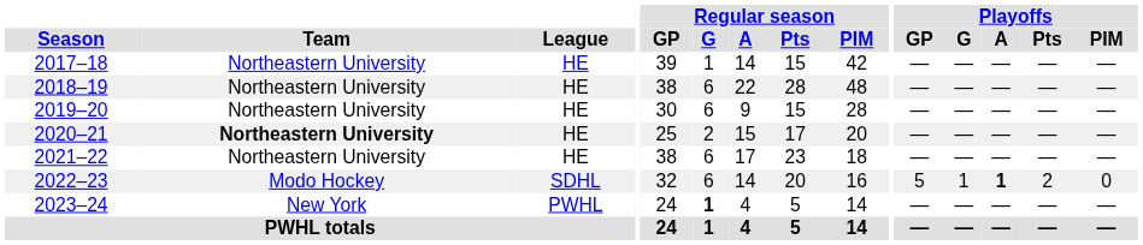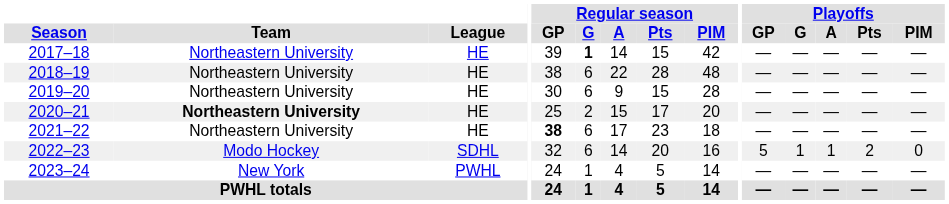 <table border="0" cellpadding="1" cellspacing="0" style="text-align:center; width:60em">
 <tr bgcolor="#e0e0e0">
 <th colspan="3" bgcolor="#ffffff"></th>
 <th rowspan="97" bgcolor="#ffffff"></th>
 <th colspan="5"><a href='#'>Regular season</a></th>
 <th rowspan="97" bgcolor="#ffffff"></th>
 <th colspan="5"><a href='#'>Playoffs</a></th>
 </tr>
 <tr bgcolor="#e0e0e0">
 <th><a href='#'>Season</a></th>
 <th>Team</th>
 <th>League</th>
 <th>GP</th>
 <th><a href='#'>G</a></th>
 <th><a href='#'>A</a></th>
 <th><a href='#'>Pts</a></th>
 <th><a href='#'>PIM</a></th>
 <th>GP</th>
 <th>G</th>
 <th>A</th>
 <th>Pts</th>
 <th>PIM</th>
 </tr>
 <tr>
 <td><a href='#'>2017–18</a></td>
 <td><a href='#'>Northeastern University</a></td>
 <td><a href='#'>HE</a></td>
 <td>39</td>
-<td>1</td>
+<td><strong>1</strong></td>
 <td>14</td>
 <td>15</td>
 <td>42</td>
 <td>—</td>
 <td>—</td>
 <td>—</td>
 <td>—</td>
 <td>—</td>
 </tr>
 <tr bgcolor="f0f0f0">
 <td><a href='#'>2018–19</a></td>
 <td>Northeastern University</td>
 <td>HE</td>
 <td>38</td>
 <td>6</td>
 <td>22</td>
 <td>28</td>
 <td>48</td>
 <td>—</td>
 <td>—</td>
 <td>—</td>
 <td>—</td>
 <td>—</td>
 </tr>
 <tr>
 <td><a href='#'>2019–20</a></td>
 <td>Northeastern University</td>
 <td>HE</td>
 <td>30</td>
 <td>6</td>
 <td>9</td>
 <td>15</td>
 <td>28</td>
 <td>—</td>
 <td>—</td>
 <td>—</td>
 <td>—</td>
 <td>—</td>
 </tr>
 <tr bgcolor="f0f0f0">
 <td><a href='#'>2020–21</a></td>
 <td><strong>Northeastern University</strong></td>
 <td>HE</td>
 <td>25</td>
 <td>2</td>
 <td>15</td>
 <td>17</td>
 <td>20</td>
 <td>—</td>
 <td>—</td>
 <td>—</td>
 <td>—</td>
 <td>—</td>
 </tr>
 <tr>
 <td><a href='#'>2021–22</a></td>
 <td>Northeastern University</td>
 <td>HE</td>
-<td>38</td>
+<td><strong>38</strong></td>
 <td>6</td>
 <td>17</td>
 <td>23</td>
 <td>18</td>
 <td>—</td>
 <td>—</td>
 <td>—</td>
 <td>—</td>
 <td>—</td>
 </tr>
 <tr bgcolor="f0f0f0">
 <td><a href='#'>2022–23</a></td>
 <td><a href='#'>Modo Hockey</a></td>
 <td><a href='#'>SDHL</a></td>
 <td>32</td>
 <td>6</td>
 <td>14</td>
 <td>20</td>
 <td>16</td>
 <td>5</td>
 <td>1</td>
-<td><strong>1</strong></td>
+<td>1</td>
 <td>2</td>
 <td>0</td>
 </tr>
 <tr>
 <td><a href='#'>2023–24</a></td>
 <td><a href='#'>New York</a></td>
 <td><a href='#'>PWHL</a></td>
 <td>24</td>
-<td><strong>1</strong></td>
+<td>1</td>
 <td>4</td>
 <td>5</td>
 <td>14</td>
 <td>—</td>
 <td>—</td>
 <td>—</td>
 <td>—</td>
 <td>—</td>
 </tr>
 <tr bgcolor="#e0e0e0">
 <th colspan="3">PWHL totals</th>
 <th>24</th>
 <th>1</th>
 <th>4</th>
 <th>5</th>
 <th>14</th>
 <th>—</th>
 <th>—</th>
 <th>—</th>
 <th>—</th>
 <th>—</th>
 </tr>
 </table>
